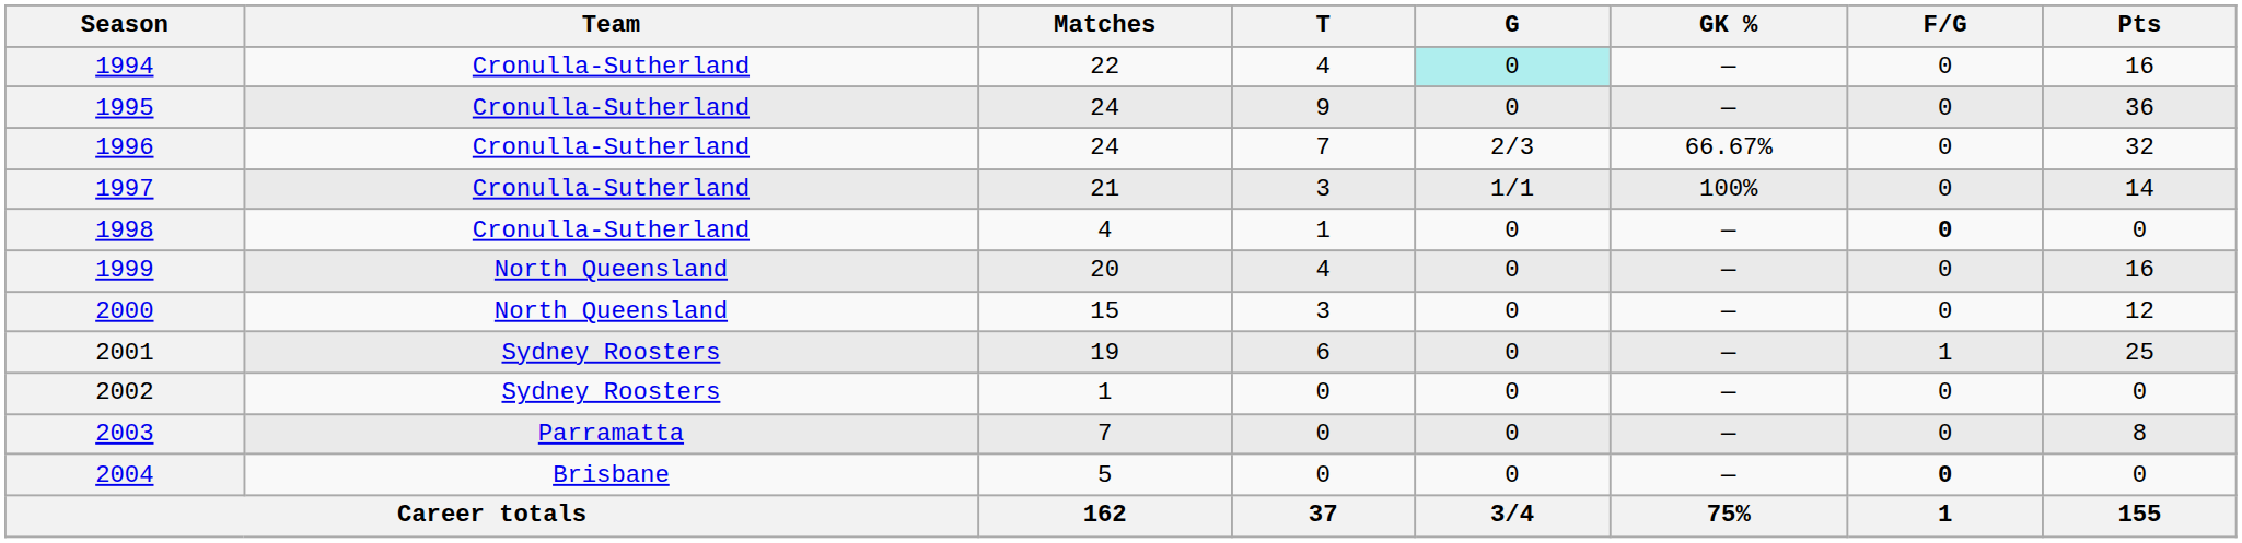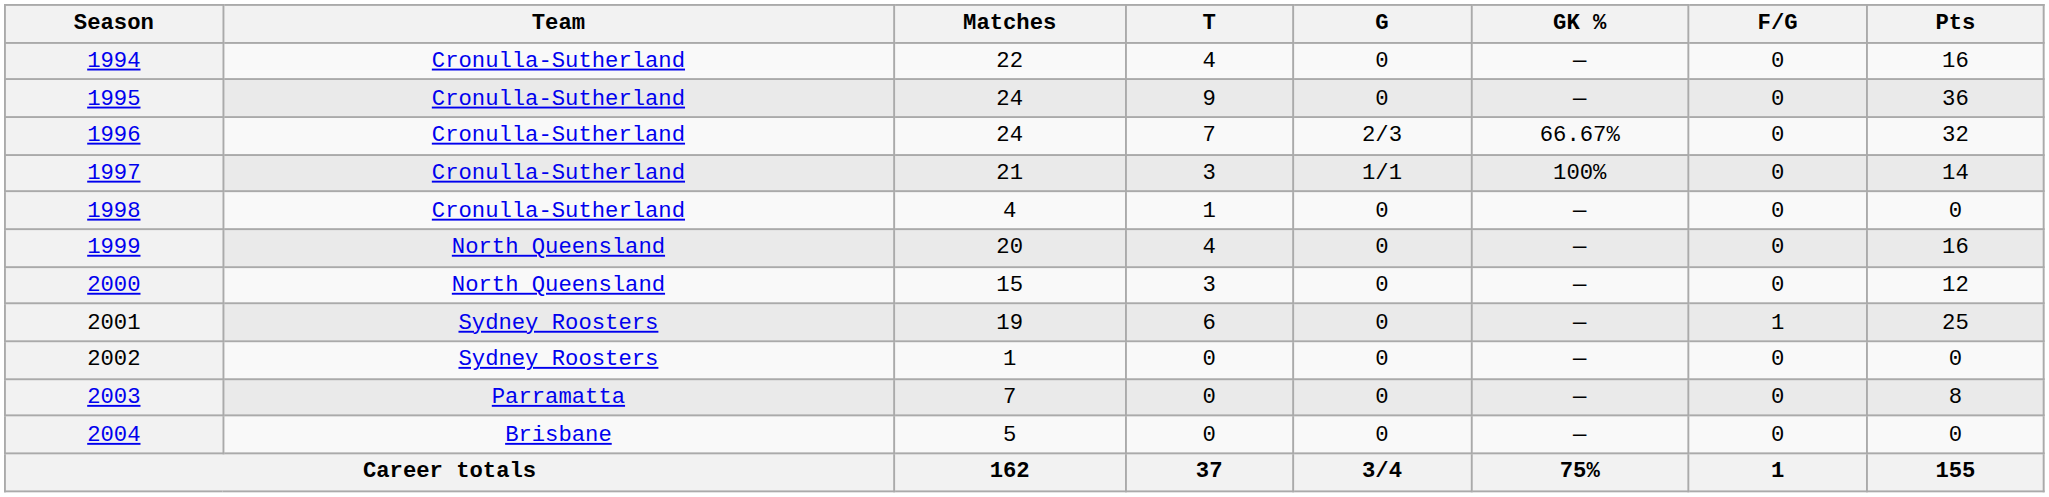 <table class="wikitable sortable"  style="font-size:90%; text-align:center; width:85%;">
 <tr>
 <th width=2%>Season</th>
 <th width=8%>Team</th>
 <th width=2%>Matches</th>
 <th width=2%>T</th>
 <th width=2%>G</th>
 <th width=2%>GK %</th>
 <th width=2%>F/G</th>
 <th width=2%>Pts</th>
 </tr>
 <tr>
 <th scope="row" style="text-align:center; font-weight:normal"><a href='#'>1994</a></th>
 <td style="text-align:center;"> <a href='#'>Cronulla-Sutherland</a></td>
 <td>22</td>
 <td>4</td>
-<td style="background: paleturquoise;">0</td>
+<td>0</td>
 <td>—</td>
 <td>0</td>
 <td>16</td>
 </tr>
 <tr style="background:#eaeaea;">
 <th scope="row" style="text-align:center; font-weight:normal"><a href='#'>1995</a></th>
 <td style="text-align:center;"> <a href='#'>Cronulla-Sutherland</a></td>
 <td>24</td>
 <td>9</td>
 <td>0</td>
 <td>—</td>
 <td>0</td>
 <td>36</td>
 </tr>
 <tr>
 <th scope="row" style="text-align:center; font-weight:normal"><a href='#'>1996</a></th>
 <td style="text-align:center;"> <a href='#'>Cronulla-Sutherland</a></td>
 <td>24</td>
 <td>7</td>
 <td>2/3</td>
 <td>66.67%</td>
 <td>0</td>
 <td>32</td>
 </tr>
 <tr style="background:#eaeaea;">
 <th scope="row" style="text-align:center; font-weight:normal"><a href='#'>1997</a></th>
 <td style="text-align:center;"> <a href='#'>Cronulla-Sutherland</a></td>
 <td>21</td>
 <td>3</td>
 <td>1/1</td>
 <td>100%</td>
 <td>0</td>
 <td>14</td>
 </tr>
 <tr>
 <th scope="row" style="text-align:center; font-weight:normal"><a href='#'>1998</a></th>
 <td style="text-align:center;"> <a href='#'>Cronulla-Sutherland</a></td>
 <td>4</td>
 <td>1</td>
 <td>0</td>
 <td>—</td>
-<td><strong>0</strong></td>
+<td>0</td>
 <td>0</td>
 </tr>
 <tr style="background:#eaeaea;">
 <th scope="row" style="text-align:center; font-weight:normal"><a href='#'>1999</a></th>
 <td style="text-align:center;"> <a href='#'>North Queensland</a></td>
 <td>20</td>
 <td>4</td>
 <td>0</td>
 <td>—</td>
 <td>0</td>
 <td>16</td>
 </tr>
 <tr>
 <th scope="row" style="text-align:center; font-weight:normal"><a href='#'>2000</a></th>
 <td style="text-align:center;"> <a href='#'>North Queensland</a></td>
 <td>15</td>
 <td>3</td>
 <td>0</td>
 <td>—</td>
 <td>0</td>
 <td>12</td>
 </tr>
 <tr style="background:#eaeaea;">
 <th scope="row" style="text-align:center; font-weight:normal">2001</th>
 <td style="text-align:center;"> <a href='#'>Sydney Roosters</a></td>
 <td>19</td>
 <td>6</td>
 <td>0</td>
 <td>—</td>
 <td>1</td>
 <td>25</td>
 </tr>
 <tr>
 <th scope="row" style="text-align:center; font-weight:normal">2002</th>
 <td style="text-align:center;"> <a href='#'>Sydney Roosters</a></td>
 <td>1</td>
 <td>0</td>
 <td>0</td>
 <td>—</td>
 <td>0</td>
 <td>0</td>
 </tr>
 <tr style="background:#eaeaea;">
 <th scope="row" style="text-align:center; font-weight:normal"><a href='#'>2003</a></th>
 <td style="text-align:center;"> <a href='#'>Parramatta</a></td>
 <td>7</td>
 <td>0</td>
 <td>0</td>
 <td>—</td>
 <td>0</td>
 <td>8</td>
 </tr>
 <tr>
 <th scope="row" style="text-align:center; font-weight:normal"><a href='#'>2004</a></th>
 <td style="text-align:center;"> <a href='#'>Brisbane</a></td>
 <td>5</td>
 <td>0</td>
 <td>0</td>
 <td>—</td>
-<td><strong>0</strong></td>
+<td>0</td>
 <td>0</td>
 </tr>
 <tr class="sortbottom">
 <th colspan=2>Career totals</th>
 <th>162</th>
 <th>37</th>
 <th>3/4</th>
 <th>75%</th>
 <th>1</th>
 <th>155</th>
 </tr>
 </table>
